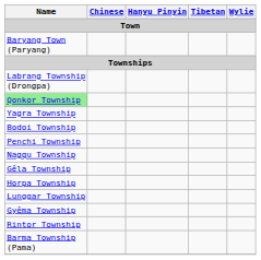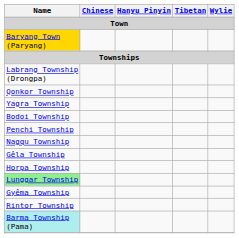 <table class="wikitable"  style="font-size:90%;" align=center>
 <tr>
 <th>Name</th>
 <th><a href='#'>Chinese</a></th>
 <th><a href='#'>Hanyu Pinyin</a></th>
 <th><a href='#'>Tibetan</a></th>
 <th><a href='#'>Wylie</a></th>
 </tr>
 <tr --------->
 <td colspan="7"  style="text-align:center; background:#d3d3d3;"><strong>Town</strong></td>
 </tr>
 <tr --------->
-<td><a href='#'>Baryang Town</a><br>(Paryang)</td>
+<td style="background: gold;"><a href='#'>Baryang Town</a><br>(Paryang)</td>
 <td></td>
 <td></td>
 <td></td>
 <td></td>
 </tr>
 <tr --------->
 <td colspan="7"  style="text-align:center; background:#d3d3d3;"><strong>Townships</strong></td>
 </tr>
 <tr --------->
 <td><a href='#'>Labrang Township</a><br>(Drongpa)</td>
 <td></td>
 <td></td>
 <td></td>
 <td></td>
 </tr>
 <tr>
-<td style="background: lightgreen;"><a href='#'>Qonkor Township</a></td>
+<td><a href='#'>Qonkor Township</a></td>
 <td></td>
 <td></td>
 <td></td>
 <td></td>
 </tr>
 <tr>
 <td><a href='#'>Yagra Township</a></td>
 <td></td>
 <td></td>
 <td></td>
 <td></td>
 </tr>
 <tr>
 <td><a href='#'>Bodoi Township</a></td>
 <td></td>
 <td></td>
 <td></td>
 <td></td>
 </tr>
 <tr>
 <td><a href='#'>Penchi Township</a></td>
 <td></td>
 <td></td>
 <td></td>
 <td></td>
 </tr>
 <tr>
 <td><a href='#'>Nagqu Township</a></td>
 <td></td>
 <td></td>
 <td></td>
 <td></td>
 </tr>
 <tr>
 <td><a href='#'>Gêla Township</a></td>
 <td></td>
 <td></td>
 <td></td>
 <td></td>
 </tr>
 <tr>
 <td><a href='#'>Horpa Township</a></td>
 <td></td>
 <td></td>
 <td></td>
 <td></td>
 </tr>
 <tr>
-<td><a href='#'>Lunggar Township</a></td>
+<td style="background: lightgreen;"><a href='#'>Lunggar Township</a></td>
 <td></td>
 <td></td>
 <td></td>
 <td></td>
 </tr>
 <tr>
 <td><a href='#'>Gyêma Township</a></td>
 <td></td>
 <td></td>
 <td></td>
 <td></td>
 </tr>
 <tr>
 <td><a href='#'>Rintor Township</a></td>
 <td></td>
 <td></td>
 <td></td>
 <td></td>
 </tr>
 <tr>
-<td><a href='#'>Barma Township</a><br>(Pama)</td>
+<td style="background: paleturquoise;"><a href='#'>Barma Township</a><br>(Pama)</td>
 <td></td>
 <td></td>
 <td></td>
 <td></td>
 </tr>
 <tr>
 </tr>
 </table>
